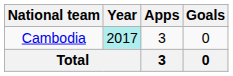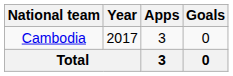 <table class="wikitable" style="text-align:center">
 <tr>
 <th>National team</th>
 <th>Year</th>
 <th>Apps</th>
 <th>Goals</th>
 </tr>
 <tr>
 <td rowspan="1"><a href='#'>Cambodia</a></td>
-<td style="background: paleturquoise;">2017</td>
+<td>2017</td>
 <td>3</td>
 <td>0</td>
 </tr>
 <tr>
 <th colspan=2>Total</th>
 <th>3</th>
 <th>0</th>
 </tr>
 </table>
